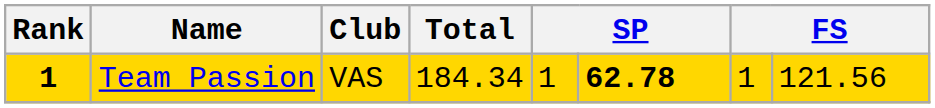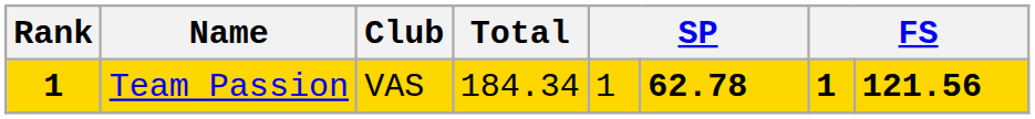 <table class="wikitable sortable">
 <tr>
 <th>Rank</th>
 <th>Name</th>
 <th>Club</th>
 <th>Total</th>
 <th colspan="2" width="80px"><a href='#'>SP</a></th>
 <th colspan="2" width="80px"><a href='#'>FS</a></th>
 </tr>
 <tr bgcolor="gold">
 <td align="center"><strong>1</strong></td>
 <td><a href='#'>Team Passion</a></td>
 <td>VAS</td>
 <td>184.34</td>
 <td>1</td>
 <td><strong>62.78</strong></td>
-<td>1</td>
-<td>121.56</td>
+<td><strong>1</strong></td>
+<td><strong>121.56</strong></td>
 </tr>
 <tr>
 </tr>
 </table>
